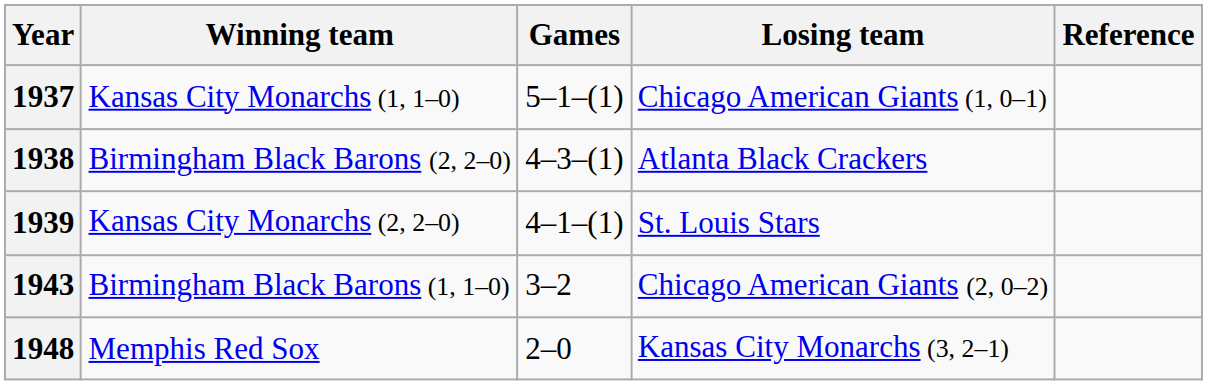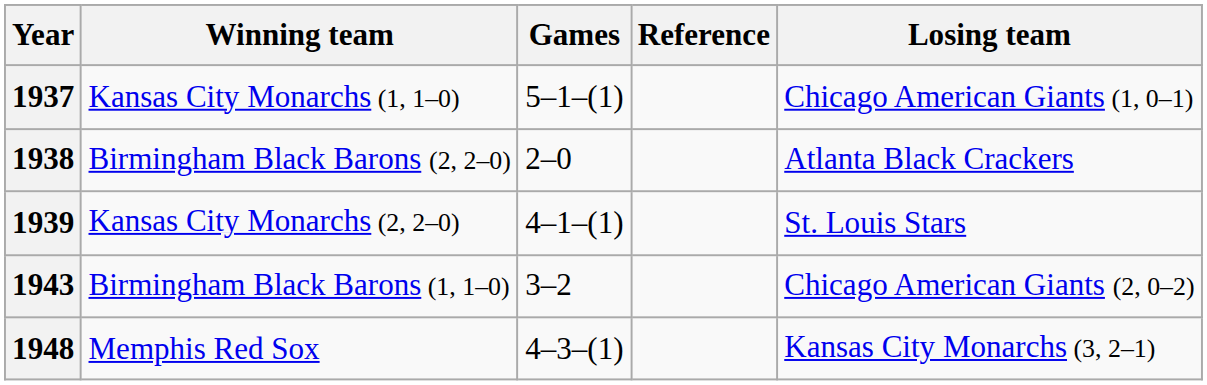 <table class="wikitable sortable plainrowheaders" style="font-size:1.00em; line-height:1.5em;">
 <tr>
 <th scope="col">Year</th>
 <th scope="col">Winning team</th>
 <th scope="col">Games</th>
+<th scope="col">Reference</th>
 <th scope="col">Losing team</th>
-<th scope="col">Reference</th>
 </tr>
 <tr>
 <th scope="row" style="text-align:center">1937</th>
 <td align="left"><a href='#'>Kansas City Monarchs</a><small> (1, 1–0)</small></td>
 <td>5–1–(1)</td>
+<td></td>
 <td><a href='#'>Chicago American Giants</a><small> (1, 0–1)</small></td>
-<td></td>
 </tr>
 <tr>
 <th scope="row" style="text-align:center">1938</th>
 <td align="left"><a href='#'>Birmingham Black Barons</a> <small> (2, 2–0)</small></td>
-<td>4–3–(1)</td>
+<td>2–0</td>
+<td></td>
 <td><a href='#'>Atlanta Black Crackers</a></td>
-<td></td>
 </tr>
 <tr>
 <th scope="row" style="text-align:center">1939</th>
 <td align="left"><a href='#'>Kansas City Monarchs</a><small> (2, 2–0)</small></td>
 <td>4–1–(1)</td>
+<td></td>
 <td><a href='#'>St. Louis Stars</a></td>
-<td></td>
 </tr>
 <tr>
 <th scope="row" style="text-align:center">1943</th>
 <td align="left"><a href='#'>Birmingham Black Barons</a><small> (1, 1–0)</small></td>
 <td>3–2</td>
+<td></td>
 <td><a href='#'>Chicago American Giants</a> <small> (2, 0–2)</small></td>
-<td></td>
 </tr>
 <tr>
 <th scope="row" style="text-align:center">1948</th>
 <td align="left"><a href='#'>Memphis Red Sox</a></td>
-<td>2–0</td>
+<td>4–3–(1)</td>
+<td></td>
 <td><a href='#'>Kansas City Monarchs</a><small> (3, 2–1)</small></td>
-<td></td>
 </tr>
 </table>
